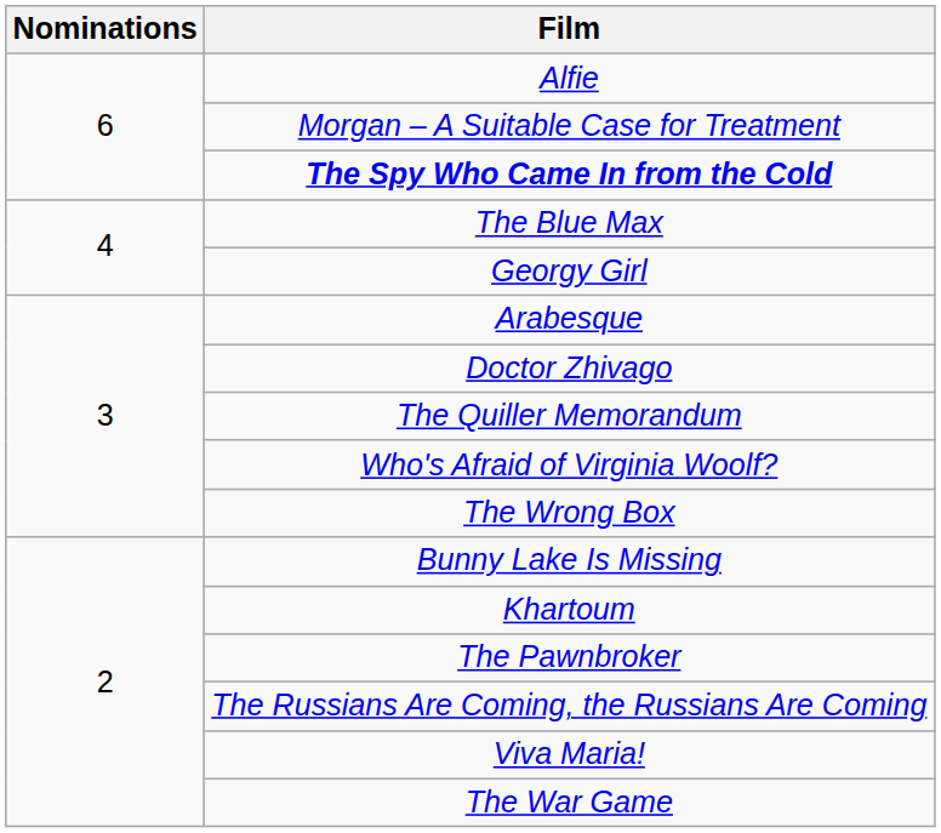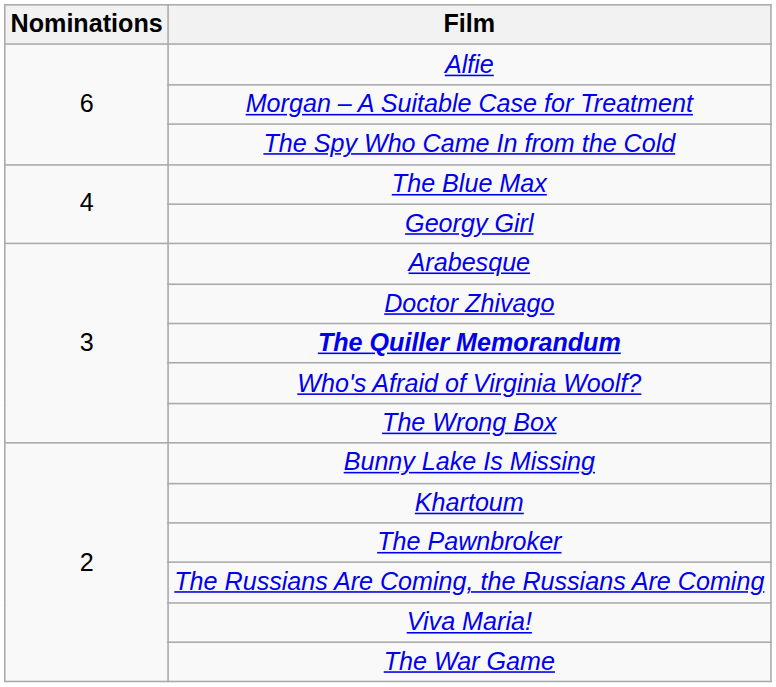 <table class="wikitable" style="text-align:center;">
 <tr>
 <th style="background:">Nominations</th>
 <th style="background:">Film</th>
 </tr>
 <tr>
 <td rowspan="3">6</td>
 <td><em><a href='#'>Alfie</a></em></td>
 </tr>
 <tr>
 <td><em><a href='#'>Morgan – A Suitable Case for Treatment</a></em></td>
 </tr>
 <tr>
-<td><strong><em><a href='#'>The Spy Who Came In from the Cold</a></em></strong></td>
+<td><em><a href='#'>The Spy Who Came In from the Cold</a></em></td>
 </tr>
 <tr>
 <td rowspan="2">4</td>
 <td><em><a href='#'>The Blue Max</a></em></td>
 </tr>
 <tr>
 <td><em><a href='#'>Georgy Girl</a></em></td>
 </tr>
 <tr>
 <td rowspan="5">3</td>
 <td><em><a href='#'>Arabesque</a></em></td>
 </tr>
 <tr>
 <td><em><a href='#'>Doctor Zhivago</a></em></td>
 </tr>
 <tr>
-<td><em><a href='#'>The Quiller Memorandum</a></em></td>
+<td><strong><em><a href='#'>The Quiller Memorandum</a></em></strong></td>
 </tr>
 <tr>
 <td><em><a href='#'>Who's Afraid of Virginia Woolf?</a></em></td>
 </tr>
 <tr>
 <td><em><a href='#'>The Wrong Box</a></em></td>
 </tr>
 <tr>
 <td rowspan="6">2</td>
 <td><em><a href='#'>Bunny Lake Is Missing</a></em></td>
 </tr>
 <tr>
 <td><em><a href='#'>Khartoum</a></em></td>
 </tr>
 <tr>
 <td><em><a href='#'>The Pawnbroker</a></em></td>
 </tr>
 <tr>
 <td><em><a href='#'>The Russians Are Coming, the Russians Are Coming</a></em></td>
 </tr>
 <tr>
 <td><em><a href='#'>Viva Maria!</a></em></td>
 </tr>
 <tr>
 <td><em><a href='#'>The War Game</a></em></td>
 </tr>
 </table>
